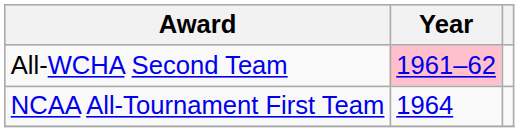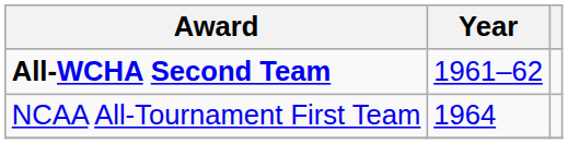 <table class="wikitable">
 <tr>
 <th>Award</th>
 <th>Year</th>
 <th></th>
 </tr>
 <tr>
-<td>All-<a href='#'>WCHA</a> <a href='#'>Second Team</a></td>
-<td style="background: pink;"><a href='#'>1961–62</a></td>
+<td><strong>All-<a href='#'>WCHA</a> <a href='#'>Second Team</a></strong></td>
+<td><a href='#'>1961–62</a></td>
 <td></td>
 </tr>
 <tr>
 <td><a href='#'>NCAA</a> <a href='#'>All-Tournament First Team</a></td>
 <td><a href='#'>1964</a></td>
 <td></td>
 </tr>
 <tr>
 </tr>
 </table>
